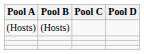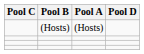 <table class="wikitable">
 <tr>
+<th width=25%>Pool C</th>
+<th width=25%>Pool B</th>
 <th width=25%>Pool A</th>
-<th width=25%>Pool B</th>
-<th width=25%>Pool C</th>
 <th width=25%>Pool D</th>
 </tr>
 <tr>
+<td></td>
 <td> (Hosts)</td>
 <td> (Hosts)</td>
-<td></td>
 <td></td>
 </tr>
 <tr>
 <td></td>
 <td></td>
 <td></td>
 <td></td>
 </tr>
 <tr>
 <td></td>
 <td></td>
 <td></td>
 <td></td>
 </tr>
 <tr>
 <td></td>
 <td></td>
 <td></td>
 <td></td>
 </tr>
 </table>
